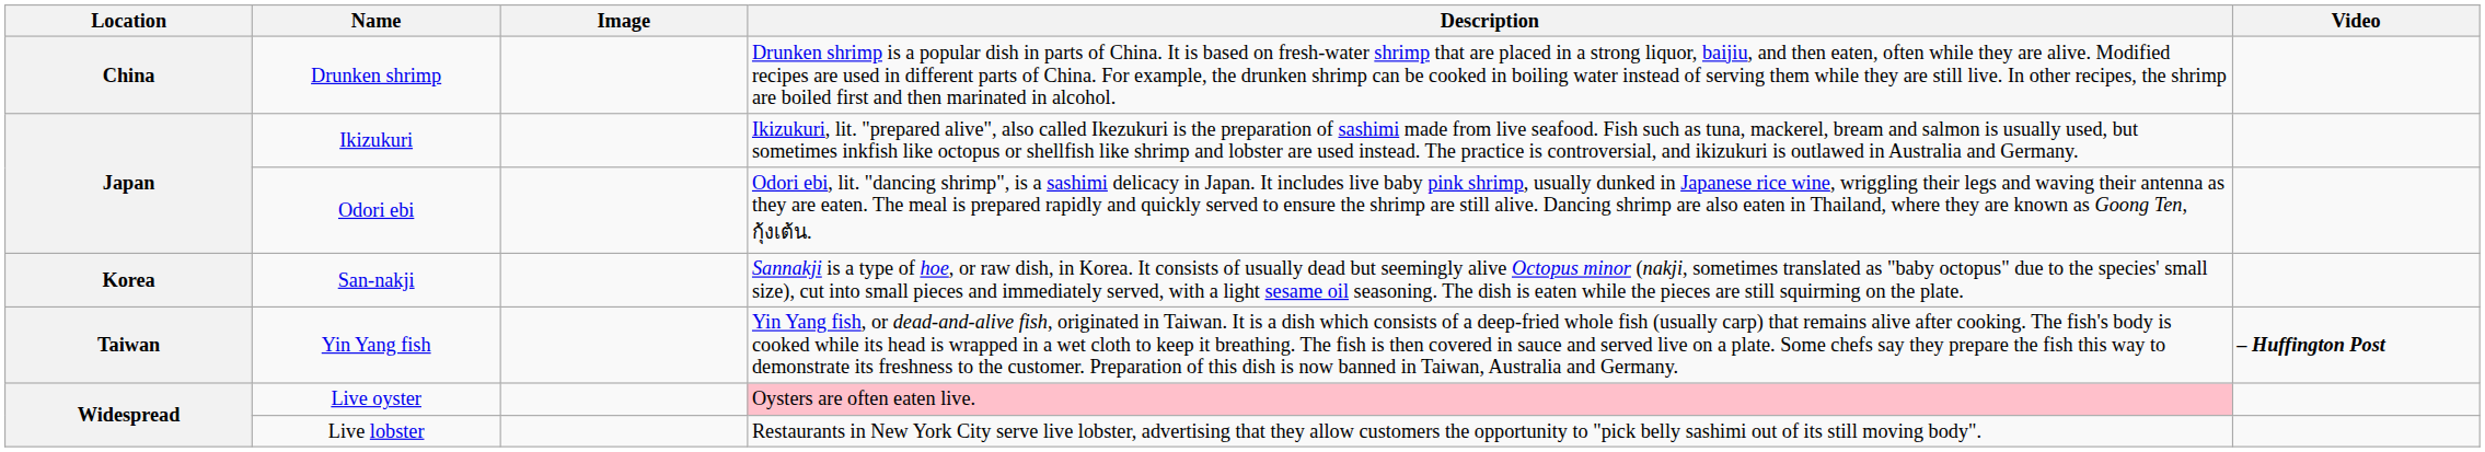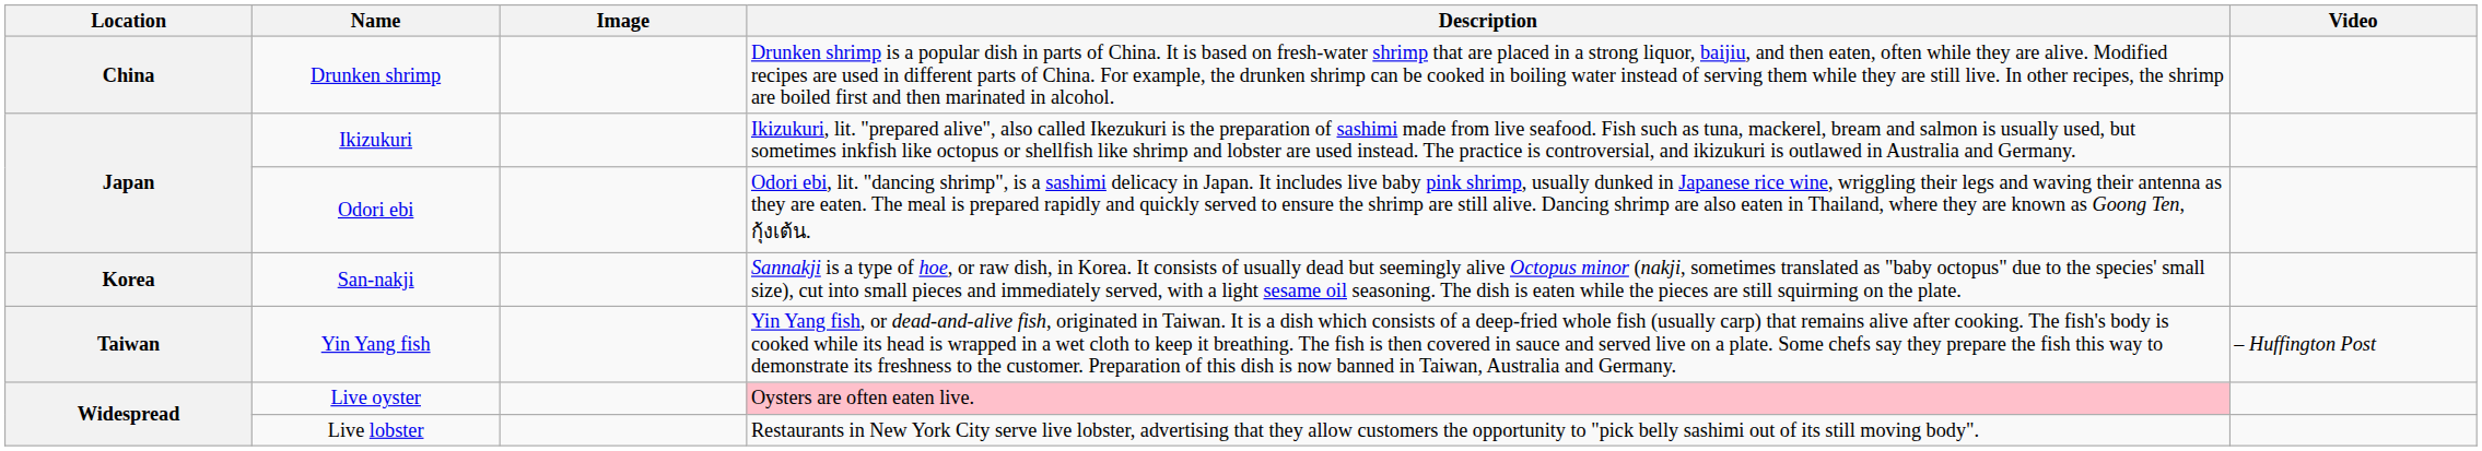 <table class="wikitable sortable" style="width:100%;">
 <tr>
 <th style="width:10%;">Location</th>
 <th style="width:10%;">Name</th>
 <th style="width:10%;">Image</th>
 <th style="width:60%;">Description</th>
 <th style="width:10%;">Video</th>
 </tr>
 <tr>
 <th rowspan=1 align="center">China</th>
 <td align="center"><a href='#'>Drunken shrimp</a></td>
 <td></td>
 <td><a href='#'>Drunken shrimp</a> is a popular dish in parts of China. It is based on fresh-water <a href='#'>shrimp</a> that are placed in a strong liquor, <a href='#'>baijiu</a>, and then eaten, often while they are alive. Modified recipes are used in different parts of China. For example, the drunken shrimp can be cooked in boiling water instead of serving them while they are still live. In other recipes, the shrimp are boiled first and then marinated in alcohol.</td>
 <td></td>
 </tr>
 <tr>
 <th rowspan=2 align="center">Japan</th>
 <td align="center"><a href='#'>Ikizukuri</a></td>
 <td></td>
 <td><a href='#'>Ikizukuri</a>, lit. "prepared alive", also called Ikezukuri is the preparation of <a href='#'>sashimi</a> made from live seafood. Fish such as tuna, mackerel, bream and salmon is usually used, but sometimes inkfish like octopus or shellfish like shrimp and lobster are used instead. The practice is controversial, and ikizukuri is outlawed in Australia and Germany.</td>
 </tr>
 <tr>
 <td align="center"><a href='#'>Odori ebi</a></td>
 <td></td>
 <td><a href='#'>Odori ebi</a>, lit. "dancing shrimp", is a <a href='#'>sashimi</a> delicacy in Japan. It includes live baby <a href='#'>pink shrimp</a>, usually dunked in <a href='#'>Japanese rice wine</a>, wriggling their legs and waving their antenna as they are eaten. The meal is prepared rapidly and quickly served to ensure the shrimp are still alive. Dancing shrimp are also eaten in Thailand, where they are known as <em>Goong Ten</em>, กุ้งเต้น.</td>
 <td></td>
 </tr>
 <tr>
 <th rowspan=1 align="center">Korea</th>
 <td align="center"><a href='#'>San-nakji</a></td>
 <td></td>
 <td><em><a href='#'>Sannakji</a></em> is a type of <em><a href='#'>hoe</a></em>, or raw dish, in Korea. It consists of usually dead but seemingly alive <em><a href='#'>Octopus minor</a></em> (<em>nakji</em>, sometimes translated as "baby octopus" due to the species' small size), cut into small pieces and immediately served, with a light <a href='#'>sesame oil</a> seasoning. The dish is eaten while the pieces are still squirming on the plate.</td>
 <td></td>
 </tr>
 <tr>
 <th rowspan=1 align="center">Taiwan</th>
 <td align="center"><a href='#'>Yin Yang fish</a></td>
 <td></td>
 <td><a href='#'>Yin Yang fish</a>, or <em>dead-and-alive fish</em>, originated in Taiwan. It is a dish which consists of a deep-fried whole fish (usually carp) that remains alive after cooking. The fish's body is cooked while its head is wrapped in a wet cloth to keep it breathing. The fish is then covered in sauce and served live on a plate. Some chefs say they prepare the fish this way to demonstrate its freshness to the customer. Preparation of this dish is now banned in Taiwan, Australia and Germany.</td>
-<td><strong> – <em>Huffington Post</em></strong></td>
+<td> – <em>Huffington Post</em></td>
 </tr>
 <tr>
 <th rowspan=2 align="center">Widespread</th>
 <td align="center"><a href='#'>Live oyster</a></td>
 <td></td>
 <td style="background: pink;">Oysters are often eaten live.</td>
 </tr>
 <tr>
 <td align="center">Live <a href='#'>lobster</a></td>
 <td></td>
 <td>Restaurants in New York City serve live lobster, advertising that they allow customers the opportunity to "pick belly sashimi out of its still moving body".</td>
 <td></td>
 </tr>
 </table>
